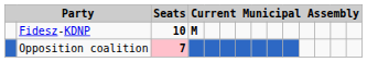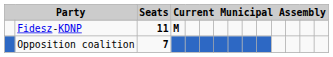 <table class="wikitable">
 <tr>
 <th style="background:#ccc" colspan="2">Party</th>
 <th style="background:#ccc">Seats</th>
 <th style="background:#ccc" colspan="11">Current Municipal Assembly</th>
 </tr>
 <tr>
 <td style="background-color: "> </td>
 <td><a href='#'>Fidesz</a>-<a href='#'>KDNP</a></td>
-<td style="text-align: right"><strong>10</strong></td>
+<td style="text-align: right"><strong>11</strong></td>
 <td style="background-color: "><span><strong>M</strong></span></td>
 <td style="background-color: "> </td>
 <td style="background-color: "> </td>
 <td style="background-color: "> </td>
 <td style="background-color: "> </td>
 <td style="background-color: "> </td>
 <td style="background-color: "> </td>
 <td style="background-color: "> </td>
 <td style="background-color: "> </td>
 <td style="background-color: "> </td>
 <td style="background-color: "> </td>
 </tr>
 <tr>
 <td style="background-color: #2D68C4"> </td>
 <td>Opposition coalition</td>
-<td style="background: pink; text-align: right"><strong>7</strong></td>
+<td style="text-align: right"><strong>7</strong></td>
 <td style="background-color: #2D68C4"> </td>
 <td style="background-color: #2D68C4"> </td>
 <td style="background-color: #2D68C4"> </td>
 <td style="background-color: #2D68C4"> </td>
 <td style="background-color: #2D68C4"> </td>
 <td style="background-color: #2D68C4"> </td>
 <td style="background-color: #2D68C4"> </td>
 <td> </td>
 <td> </td>
 <td> </td>
 <td> </td>
 </tr>
 </table>
